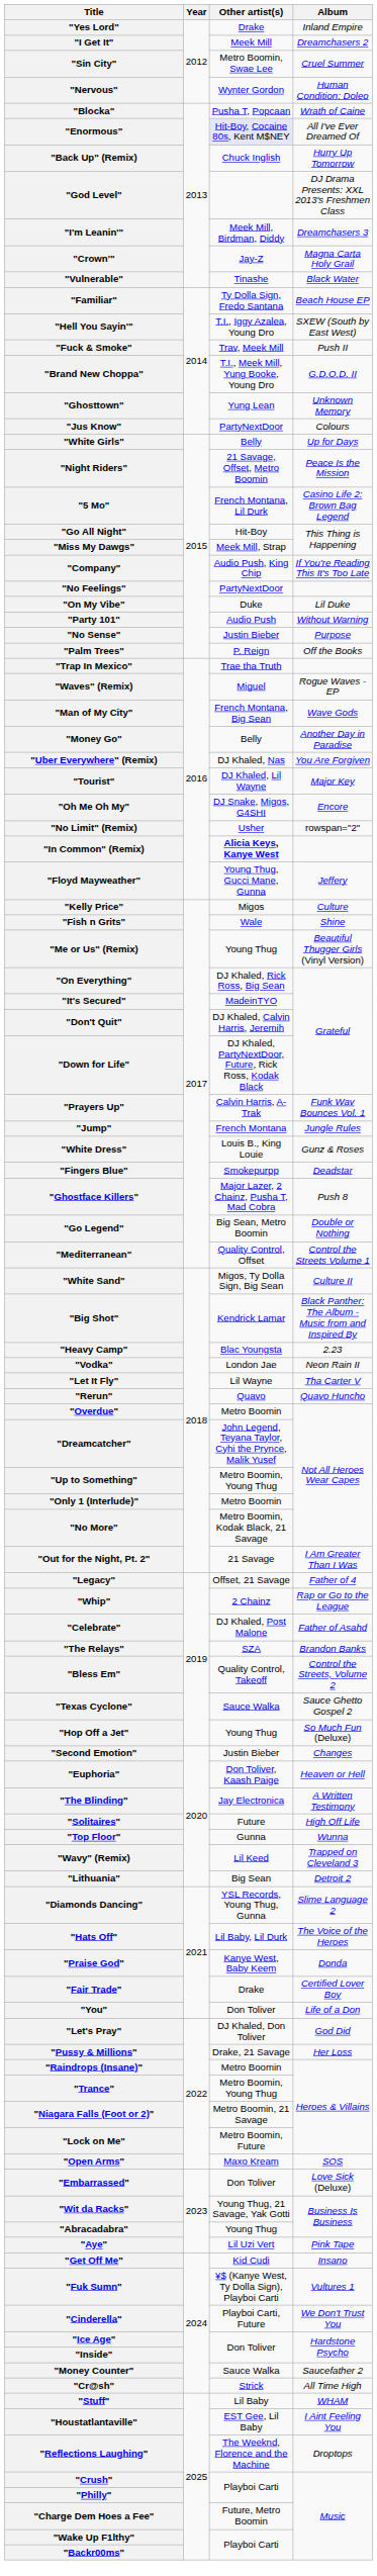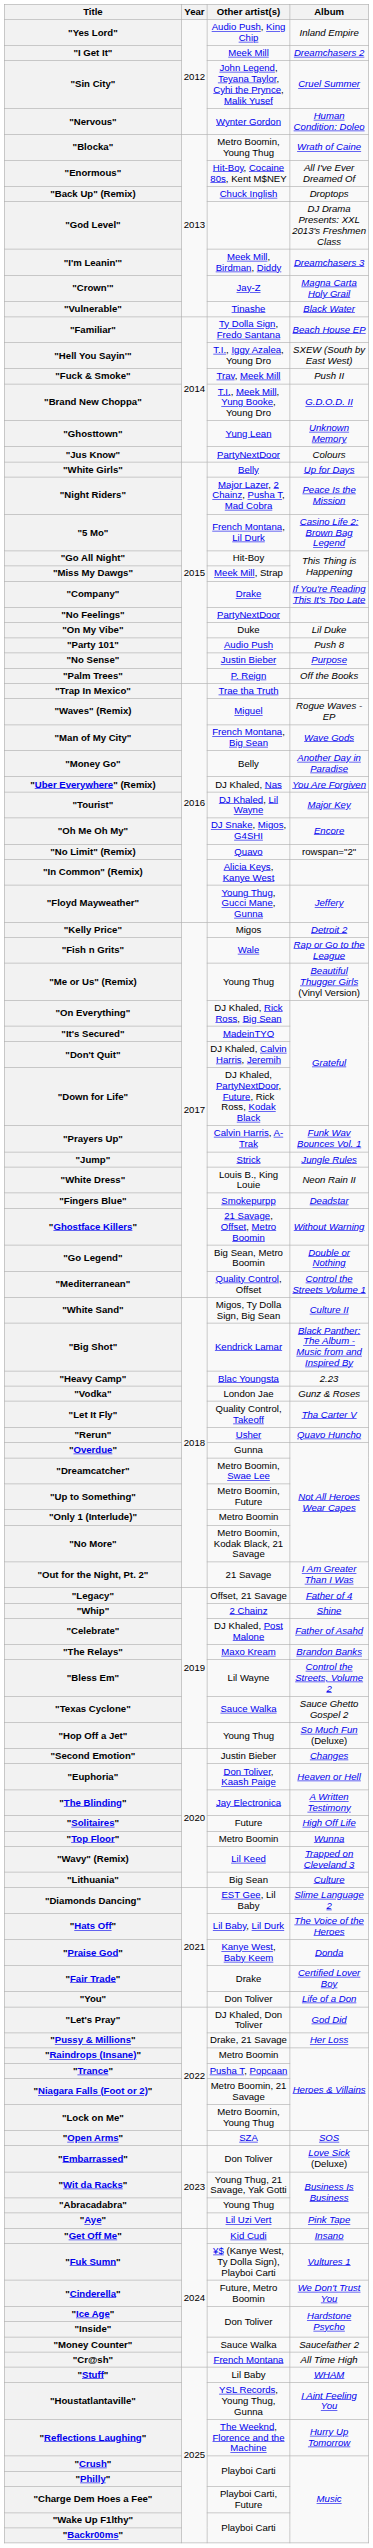 <table class="wikitable plainrowheaders" style="text-align:center;">
 <tr>
 <th scope="col" style="width:18em;">Title</th>
 <th scope="col">Year</th>
 <th scope="col">Other artist(s)</th>
 <th scope="col">Album</th>
 </tr>
 <tr>
 <th scope="row">"Yes Lord"</th>
 <td rowspan="4">2012</td>
-<td><a href='#'>Drake</a></td>
+<td><a href='#'>Audio Push</a>, <a href='#'>King Chip</a></td>
 <td><em>Inland Empire</em></td>
 </tr>
 <tr>
 <th scope="row">"I Get It"</th>
 <td><a href='#'>Meek Mill</a></td>
 <td><em><a href='#'>Dreamchasers 2</a></em></td>
 </tr>
 <tr>
 <th scope="row">"Sin City"</th>
-<td>Metro Boomin, <a href='#'>Swae Lee</a></td>
+<td><a href='#'>John Legend</a>, <a href='#'>Teyana Taylor</a>, <a href='#'>Cyhi the Prynce</a>, <a href='#'>Malik Yusef</a></td>
 <td><em><a href='#'>Cruel Summer</a></em></td>
 </tr>
 <tr>
 <th scope="row">"Nervous"</th>
 <td><a href='#'>Wynter Gordon</a></td>
 <td><em><a href='#'>Human Condition: Doleo</a></em></td>
 </tr>
 <tr>
 <th scope="row">"Blocka"</th>
 <td rowspan="7">2013</td>
-<td><a href='#'>Pusha T</a>, <a href='#'>Popcaan</a></td>
+<td>Metro Boomin, Young Thug</td>
 <td><em><a href='#'>Wrath of Caine</a></em></td>
 </tr>
 <tr>
 <th scope="row">"Enormous"</th>
-<td style="background: lavender;"><a href='#'>Hit-Boy</a>, <a href='#'>Cocaine 80s</a>, Kent M$NEY</td>
+<td><a href='#'>Hit-Boy</a>, <a href='#'>Cocaine 80s</a>, Kent M$NEY</td>
 <td><em>All I've Ever Dreamed Of</em></td>
 </tr>
 <tr>
 <th scope="row">"Back Up" (Remix)</th>
 <td><a href='#'>Chuck Inglish</a></td>
-<td><em><a href='#'>Hurry Up Tomorrow</a></em></td>
+<td><em>Droptops</em></td>
 </tr>
 <tr>
 <th scope="row">"God Level"</th>
 <td></td>
 <td><em>DJ Drama Presents: XXL 2013's Freshmen Class</em></td>
 </tr>
 <tr>
 <th scope="row">"I'm Leanin'"</th>
 <td><a href='#'>Meek Mill</a>, <a href='#'>Birdman</a>, <a href='#'>Diddy</a></td>
 <td><em><a href='#'>Dreamchasers 3</a></em></td>
 </tr>
 <tr>
 <th scope="row">"Crown'"</th>
 <td><a href='#'>Jay-Z</a></td>
 <td><em><a href='#'>Magna Carta Holy Grail</a></em></td>
 </tr>
 <tr>
 <th scope="row">"Vulnerable"</th>
 <td><a href='#'>Tinashe</a></td>
 <td><em><a href='#'>Black Water</a></em></td>
 </tr>
 <tr>
 <th scope="row">"Familiar"</th>
 <td rowspan="6">2014</td>
 <td><a href='#'>Ty Dolla Sign</a>, <a href='#'>Fredo Santana</a></td>
 <td><em><a href='#'>Beach House EP</a></em></td>
 </tr>
 <tr>
 <th scope="row">"Hell You Sayin'"</th>
 <td><a href='#'>T.I.</a>, <a href='#'>Iggy Azalea</a>, Young Dro</td>
 <td><em>SXEW (South by East West)</em></td>
 </tr>
 <tr>
 <th scope="row">"Fuck & Smoke"</th>
 <td><a href='#'>Trav</a>, <a href='#'>Meek Mill</a></td>
 <td><em>Push II</em></td>
 </tr>
 <tr>
 <th scope="row">"Brand New Choppa"</th>
 <td><a href='#'>T.I.</a>, <a href='#'>Meek Mill</a>, <a href='#'>Yung Booke</a>, Young Dro</td>
 <td><em><a href='#'>G.D.O.D. II</a></em></td>
 </tr>
 <tr>
 <th scope="row">"Ghosttown"</th>
 <td><a href='#'>Yung Lean</a></td>
 <td><em><a href='#'>Unknown Memory</a></em></td>
 </tr>
 <tr>
 <th scope="row">"Jus Know"</th>
 <td><a href='#'>PartyNextDoor</a></td>
 <td><em>Colours</em></td>
 </tr>
 <tr>
 <th scope="row">"White Girls"</th>
 <td rowspan="11">2015</td>
 <td><a href='#'>Belly</a></td>
 <td><em><a href='#'>Up for Days</a></em></td>
 </tr>
 <tr>
 <th scope="row">"Night Riders"</th>
-<td><a href='#'>21 Savage</a>, <a href='#'>Offset</a>, <a href='#'>Metro Boomin</a></td>
+<td><a href='#'>Major Lazer</a>, <a href='#'>2 Chainz</a>, <a href='#'>Pusha T</a>, <a href='#'>Mad Cobra</a></td>
 <td><em><a href='#'>Peace Is the Mission</a></em></td>
 </tr>
 <tr>
 <th scope="row">"5 Mo"</th>
 <td><a href='#'>French Montana</a>, <a href='#'>Lil Durk</a></td>
 <td><em><a href='#'>Casino Life 2: Brown Bag Legend</a></em></td>
 </tr>
 <tr>
 <th scope="row">"Go All Night"</th>
 <td>Hit-Boy</td>
 <td rowspan="2"><em>This Thing is Happening</em></td>
 </tr>
 <tr>
 <th scope="row">"Miss My Dawgs"</th>
 <td><a href='#'>Meek Mill</a>, Strap</td>
 </tr>
 <tr>
 <th scope="row">"Company"</th>
-<td><a href='#'>Audio Push</a>, <a href='#'>King Chip</a></td>
+<td><a href='#'>Drake</a></td>
 <td><em><a href='#'>If You're Reading This It's Too Late</a></em></td>
 </tr>
 <tr>
 <th scope="row">"No Feelings"</th>
 <td><a href='#'>PartyNextDoor</a></td>
 <td></td>
 </tr>
 <tr>
 <th scope="row">"On My Vibe"</th>
 <td>Duke</td>
 <td><em>Lil Duke</em></td>
 </tr>
 <tr>
 <th scope="row">"Party 101"</th>
 <td><a href='#'>Audio Push</a></td>
-<td><em><a href='#'>Without Warning</a></em></td>
+<td><em>Push 8</em></td>
 </tr>
 <tr>
 <th scope="row">"No Sense"</th>
 <td><a href='#'>Justin Bieber</a></td>
 <td><em><a href='#'>Purpose</a></em></td>
 </tr>
 <tr>
 <th scope="row">"Palm Trees"</th>
 <td><a href='#'>P. Reign</a></td>
 <td><em>Off the Books</em></td>
 </tr>
 <tr>
 <th scope="row">"Trap In Mexico"</th>
 <td rowspan="10">2016</td>
 <td><a href='#'>Trae tha Truth</a></td>
 <td></td>
 </tr>
 <tr>
 <th scope="row">"Waves" (Remix)</th>
 <td><a href='#'>Miguel</a></td>
 <td><em>Rogue Waves - EP</em></td>
 </tr>
 <tr>
 <th scope="row">"Man of My City"</th>
 <td><a href='#'>French Montana</a>, <a href='#'>Big Sean</a></td>
 <td><em><a href='#'>Wave Gods</a></em></td>
 </tr>
 <tr>
 <th scope="row">"Money Go"</th>
 <td>Belly</td>
 <td><em><a href='#'>Another Day in Paradise</a></em></td>
 </tr>
 <tr>
 <th scope="row">"<a href='#'>Uber Everywhere</a>" (Remix)</th>
 <td>DJ Khaled, <a href='#'>Nas</a></td>
 <td><em><a href='#'>You Are Forgiven</a></em></td>
 </tr>
 <tr>
 <th scope="row">"Tourist"</th>
 <td><a href='#'>DJ Khaled</a>, <a href='#'>Lil Wayne</a></td>
 <td><em><a href='#'>Major Key</a></em></td>
 </tr>
 <tr>
 <th scope="row">"Oh Me Oh My"</th>
 <td><a href='#'>DJ Snake</a>, <a href='#'>Migos</a>, <a href='#'>G4SHI</a></td>
 <td><em><a href='#'>Encore</a></em></td>
 </tr>
 <tr>
 <th scope="row">"No Limit" (Remix)</th>
-<td><a href='#'>Usher</a></td>
+<td><a href='#'>Quavo</a></td>
 <td>rowspan="2" </td>
 </tr>
 <tr>
 <th scope="row">"In Common" (Remix)</th>
-<td><strong><a href='#'>Alicia Keys</a>, <a href='#'>Kanye West</a></strong></td>
+<td><a href='#'>Alicia Keys</a>, <a href='#'>Kanye West</a></td>
 </tr>
 <tr>
 <th scope="row">"Floyd Mayweather"</th>
 <td><a href='#'>Young Thug</a>, <a href='#'>Gucci Mane</a>, <a href='#'>Gunna</a></td>
 <td><em><a href='#'>Jeffery</a></em></td>
 </tr>
 <tr>
 <th scope="row">"Kelly Price"</th>
 <td rowspan="14">2017</td>
 <td>Migos</td>
-<td><em><a href='#'>Culture</a></em></td>
+<td><em><a href='#'>Detroit 2</a></em></td>
 </tr>
 <tr>
 <th scope="row">"Fish n Grits"</th>
 <td><a href='#'>Wale</a></td>
-<td><em><a href='#'>Shine</a></em></td>
+<td><em><a href='#'>Rap or Go to the League</a></em></td>
 </tr>
 <tr>
 <th scope="row">"Me or Us" (Remix)</th>
 <td>Young Thug</td>
 <td><em><a href='#'>Beautiful Thugger Girls</a></em> (Vinyl Version)</td>
 </tr>
 <tr>
 <th scope="row">"On Everything"</th>
 <td>DJ Khaled, <a href='#'>Rick Ross</a>, <a href='#'>Big Sean</a></td>
 <td rowspan="4"><em><a href='#'>Grateful</a></em></td>
 </tr>
 <tr>
 <th scope="row">"It's Secured"</th>
 <td><a href='#'>MadeinTYO</a></td>
 </tr>
 <tr>
 <th scope="row">"Don't Quit"</th>
 <td>DJ Khaled, <a href='#'>Calvin Harris</a>, <a href='#'>Jeremih</a></td>
 </tr>
 <tr>
 <th scope="row">"Down for Life"</th>
 <td>DJ Khaled, <a href='#'>PartyNextDoor</a>, <a href='#'>Future</a>, Rick Ross, <a href='#'>Kodak Black</a></td>
 </tr>
 <tr>
 <th scope="row">"Prayers Up"</th>
 <td><a href='#'>Calvin Harris</a>, <a href='#'>A-Trak</a></td>
 <td><em><a href='#'>Funk Wav Bounces Vol. 1</a></em></td>
 </tr>
 <tr>
 <th scope="row">"Jump"</th>
-<td><a href='#'>French Montana</a></td>
+<td><a href='#'>Strick</a></td>
 <td><em><a href='#'>Jungle Rules</a></em></td>
 </tr>
 <tr>
 <th scope="row">"White Dress"</th>
 <td>Louis B., King Louie</td>
-<td><em>Gunz & Roses</em></td>
+<td><em>Neon Rain II</em></td>
 </tr>
 <tr>
 <th scope="row">"Fingers Blue"</th>
 <td><a href='#'>Smokepurpp</a></td>
 <td><em><a href='#'>Deadstar</a></em></td>
 </tr>
 <tr>
 <th scope="row">"<a href='#'>Ghostface Killers</a>"</th>
-<td><a href='#'>Major Lazer</a>, <a href='#'>2 Chainz</a>, <a href='#'>Pusha T</a>, <a href='#'>Mad Cobra</a></td>
-<td><em>Push 8</em></td>
+<td><a href='#'>21 Savage</a>, <a href='#'>Offset</a>, <a href='#'>Metro Boomin</a></td>
+<td><em><a href='#'>Without Warning</a></em></td>
 </tr>
 <tr>
 <th scope="row">"Go Legend"</th>
 <td>Big Sean, Metro Boomin</td>
 <td><em><a href='#'>Double or Nothing</a></em></td>
 </tr>
 <tr>
 <th scope="row">"Mediterranean"</th>
 <td><a href='#'>Quality Control</a>, Offset</td>
 <td><em><a href='#'>Control the Streets Volume 1</a></em></td>
 </tr>
 <tr>
 <th scope="row">"White Sand"</th>
 <td rowspan="12">2018</td>
 <td>Migos, Ty Dolla Sign, Big Sean</td>
 <td><em><a href='#'>Culture II</a></em></td>
 </tr>
 <tr>
 <th scope="row">"Big Shot"</th>
 <td><a href='#'>Kendrick Lamar</a></td>
 <td><em><a href='#'>Black Panther: The Album - Music from and Inspired By</a></em></td>
 </tr>
 <tr>
 <th scope="row">"Heavy Camp"</th>
 <td><a href='#'>Blac Youngsta</a></td>
 <td><em>2.23</em></td>
 </tr>
 <tr>
 <th scope="row">"Vodka"</th>
 <td>London Jae</td>
-<td><em>Neon Rain II</em></td>
+<td><em>Gunz & Roses</em></td>
 </tr>
 <tr>
 <th scope="row">"Let It Fly"</th>
-<td>Lil Wayne</td>
+<td>Quality Control, <a href='#'>Takeoff</a></td>
 <td><em><a href='#'>Tha Carter V</a></em></td>
 </tr>
 <tr>
 <th scope="row">"Rerun"</th>
-<td><a href='#'>Quavo</a></td>
+<td><a href='#'>Usher</a></td>
 <td><em><a href='#'>Quavo Huncho</a></em></td>
 </tr>
 <tr>
 <th scope="row">"<a href='#'>Overdue</a>"</th>
-<td>Metro Boomin</td>
+<td>Gunna</td>
 <td rowspan="5"><em><a href='#'>Not All Heroes Wear Capes</a></em></td>
 </tr>
 <tr>
 <th scope="row">"Dreamcatcher"</th>
-<td><a href='#'>John Legend</a>, <a href='#'>Teyana Taylor</a>, <a href='#'>Cyhi the Prynce</a>, <a href='#'>Malik Yusef</a></td>
+<td>Metro Boomin, <a href='#'>Swae Lee</a></td>
 </tr>
 <tr>
 <th scope="row">"Up to Something"</th>
-<td>Metro Boomin, Young Thug</td>
+<td>Metro Boomin, Future</td>
 </tr>
 <tr>
 <th scope="row">"Only 1 (Interlude)"</th>
 <td>Metro Boomin</td>
 </tr>
 <tr>
 <th scope="row">"No More"</th>
 <td>Metro Boomin, Kodak Black, 21 Savage</td>
 </tr>
 <tr>
 <th scope="row">"Out for the Night, Pt. 2"</th>
 <td>21 Savage</td>
 <td><em><a href='#'>I Am Greater Than I Was</a></em></td>
 </tr>
 <tr>
 <th scope="row">"Legacy"</th>
 <td rowspan="7">2019</td>
 <td>Offset, 21 Savage</td>
 <td><em><a href='#'>Father of 4</a></em></td>
 </tr>
 <tr>
 <th scope="row">"Whip"</th>
 <td><a href='#'>2 Chainz</a></td>
-<td><em><a href='#'>Rap or Go to the League</a></em></td>
+<td><em><a href='#'>Shine</a></em></td>
 </tr>
 <tr>
 <th scope="row">"Celebrate"</th>
 <td>DJ Khaled, <a href='#'>Post Malone</a></td>
 <td><em><a href='#'>Father of Asahd</a></em></td>
 </tr>
 <tr>
 <th scope="row">"The Relays"</th>
-<td><a href='#'>SZA</a></td>
+<td><a href='#'>Maxo Kream</a></td>
 <td><em><a href='#'>Brandon Banks</a></em></td>
 </tr>
 <tr>
 <th scope="row">"Bless Em"</th>
-<td>Quality Control, <a href='#'>Takeoff</a></td>
+<td>Lil Wayne</td>
 <td><em><a href='#'>Control the Streets, Volume 2</a></em></td>
 </tr>
 <tr>
 <th scope="row">"Texas Cyclone"</th>
 <td><a href='#'>Sauce Walka</a></td>
 <td><em>Sauce Ghetto Gospel 2</em></td>
 </tr>
 <tr>
 <th scope="row">"Hop Off a Jet"</th>
 <td>Young Thug</td>
 <td><em><a href='#'>So Much Fun</a></em> (Deluxe)</td>
 </tr>
 <tr>
 <th scope="row">"Second Emotion"</th>
 <td rowspan="7">2020</td>
 <td>Justin Bieber</td>
 <td><em><a href='#'>Changes</a></em></td>
 </tr>
 <tr>
 <th scope="row">"Euphoria"</th>
 <td><a href='#'>Don Toliver</a>, <a href='#'>Kaash Paige</a></td>
 <td><em><a href='#'>Heaven or Hell</a></em></td>
 </tr>
 <tr>
 <th scope="row">"<a href='#'>The Blinding</a>"</th>
 <td><a href='#'>Jay Electronica</a></td>
 <td><em><a href='#'>A Written Testimony</a></em></td>
 </tr>
 <tr>
 <th scope="row">"<a href='#'>Solitaires</a>"</th>
 <td>Future</td>
 <td><em><a href='#'>High Off Life</a></em></td>
 </tr>
 <tr>
 <th scope="row">"<a href='#'>Top Floor</a>"</th>
-<td>Gunna</td>
+<td>Metro Boomin</td>
 <td><em><a href='#'>Wunna</a></em></td>
 </tr>
 <tr>
 <th scope="row">"Wavy" (Remix)</th>
 <td><a href='#'>Lil Keed</a></td>
 <td><em><a href='#'>Trapped on Cleveland 3</a></em></td>
 </tr>
 <tr>
 <th scope="row">"Lithuania"</th>
 <td>Big Sean</td>
-<td><em><a href='#'>Detroit 2</a></em></td>
+<td><em><a href='#'>Culture</a></em></td>
 </tr>
 <tr>
 <th scope="row">"Diamonds Dancing"</th>
 <td rowspan="5">2021</td>
-<td><a href='#'>YSL Records</a>, Young Thug, Gunna</td>
+<td><a href='#'>EST Gee</a>, Lil Baby</td>
 <td><em><a href='#'>Slime Language 2</a></em></td>
 </tr>
 <tr>
 <th scope="row">"<a href='#'>Hats Off</a>"</th>
 <td><a href='#'>Lil Baby</a>, <a href='#'>Lil Durk</a></td>
 <td><em><a href='#'>The Voice of the Heroes</a></em></td>
 </tr>
 <tr>
 <th scope="row">"<a href='#'>Praise God</a>"</th>
 <td><a href='#'>Kanye West</a>, <a href='#'>Baby Keem</a></td>
 <td><em><a href='#'>Donda</a></em></td>
 </tr>
 <tr>
 <th scope="row">"<a href='#'>Fair Trade</a>"</th>
 <td>Drake</td>
 <td><em><a href='#'>Certified Lover Boy</a></em></td>
 </tr>
 <tr>
 <th scope="row">"You"</th>
 <td>Don Toliver</td>
 <td><em><a href='#'>Life of a Don</a></em></td>
 </tr>
 <tr>
 <th scope="row">"Let's Pray"</th>
 <td rowspan="7">2022</td>
 <td>DJ Khaled, Don Toliver</td>
 <td><em><a href='#'>God Did</a></em></td>
 </tr>
 <tr>
 <th scope="row">"<a href='#'>Pussy & Millions</a>"</th>
 <td>Drake, 21 Savage</td>
 <td><em><a href='#'>Her Loss</a></em></td>
 </tr>
 <tr>
 <th scope="row">"<a href='#'>Raindrops (Insane)</a>"</th>
 <td>Metro Boomin</td>
 <td rowspan="4"><em><a href='#'>Heroes & Villains</a></em></td>
 </tr>
 <tr>
 <th scope="row">"<a href='#'>Trance</a>"</th>
-<td>Metro Boomin, Young Thug</td>
+<td><a href='#'>Pusha T</a>, <a href='#'>Popcaan</a></td>
 </tr>
 <tr>
 <th scope="row">"<a href='#'>Niagara Falls (Foot or 2)</a>"</th>
 <td>Metro Boomin, 21 Savage</td>
 </tr>
 <tr>
 <th scope="row">"Lock on Me"</th>
-<td>Metro Boomin, Future</td>
+<td>Metro Boomin, Young Thug</td>
 </tr>
 <tr>
 <th scope="row">"<a href='#'>Open Arms</a>"</th>
-<td><a href='#'>Maxo Kream</a></td>
+<td><a href='#'>SZA</a></td>
 <td><em><a href='#'>SOS</a></em></td>
 </tr>
 <tr>
 <th scope="row">"<a href='#'>Embarrassed</a>"</th>
 <td rowspan="4">2023</td>
 <td>Don Toliver</td>
 <td><em><a href='#'>Love Sick</a></em> (Deluxe)</td>
 </tr>
 <tr>
 <th scope="row">"<a href='#'>Wit da Racks</a>"</th>
 <td>Young Thug, 21 Savage, Yak Gotti</td>
 <td rowspan="2"><em><a href='#'>Business Is Business</a></em></td>
 </tr>
 <tr>
 <th scope="row">"Abracadabra"</th>
 <td>Young Thug</td>
 </tr>
 <tr>
 <th scope="row">"<a href='#'>Aye</a>"</th>
 <td><a href='#'>Lil Uzi Vert</a></td>
 <td><em><a href='#'>Pink Tape</a></em></td>
 </tr>
 <tr>
 <th scope="row">"<a href='#'>Get Off Me</a>"</th>
 <td rowspan="7">2024</td>
 <td><a href='#'>Kid Cudi</a></td>
 <td><em><a href='#'>Insano</a></em></td>
 </tr>
 <tr>
 <th scope="row">"<a href='#'>Fuk Sumn</a>"</th>
 <td><a href='#'>¥$</a> (Kanye West, Ty Dolla Sign), Playboi Carti</td>
 <td><em><a href='#'>Vultures 1</a></em></td>
 </tr>
 <tr>
 <th scope="row">"<a href='#'>Cinderella</a>"</th>
-<td>Playboi Carti, Future</td>
+<td>Future, Metro Boomin</td>
 <td><em><a href='#'>We Don't Trust You</a></em></td>
 </tr>
 <tr>
 <th scope="row">"<a href='#'>Ice Age</a>"</th>
 <td rowspan="2">Don Toliver</td>
 <td rowspan="2"><em><a href='#'>Hardstone Psycho</a></em></td>
 </tr>
 <tr>
 <th scope="row">"Inside"</th>
 </tr>
 <tr>
 <th scope="row">"Money Counter"</th>
 <td>Sauce Walka</td>
 <td><em>Saucefather 2</em></td>
 </tr>
 <tr>
 <th scope="row">"Cr@sh"</th>
-<td><a href='#'>Strick</a></td>
+<td><a href='#'>French Montana</a></td>
 <td><em>All Time High</em></td>
 </tr>
 <tr>
 <th scope="row">"<a href='#'>Stuff</a>"</th>
 <td rowspan="8">2025</td>
 <td>Lil Baby</td>
 <td><em><a href='#'>WHAM</a></em></td>
 </tr>
 <tr>
 <th scope="row">"Houstatlantaville"</th>
-<td><a href='#'>EST Gee</a>, Lil Baby</td>
+<td><a href='#'>YSL Records</a>, Young Thug, Gunna</td>
 <td><em><a href='#'>I Aint Feeling You</a></em></td>
 </tr>
 <tr>
 <th scope="row">"<a href='#'>Reflections Laughing</a>"</th>
 <td><a href='#'>The Weeknd</a>, <a href='#'>Florence and the Machine</a></td>
-<td><em>Droptops</em></td>
+<td><em><a href='#'>Hurry Up Tomorrow</a></em></td>
 </tr>
 <tr>
 <th scope="row">"<a href='#'>Crush</a>"</th>
 <td rowspan="2">Playboi Carti</td>
 <td rowspan="5"><em><a href='#'>Music</a></em></td>
 </tr>
 <tr>
 <th scope="row">"<a href='#'>Philly</a>"</th>
 </tr>
 <tr>
 <th scope="row">"Charge Dem Hoes a Fee"</th>
-<td>Future, Metro Boomin</td>
+<td>Playboi Carti, Future</td>
 </tr>
 <tr>
 <th scope="row">"Wake Up F1lthy"</th>
 <td rowspan="2">Playboi Carti</td>
 </tr>
 <tr>
 <th scope="row">"<a href='#'>Backr00ms</a>"</th>
 </tr>
 </table>
